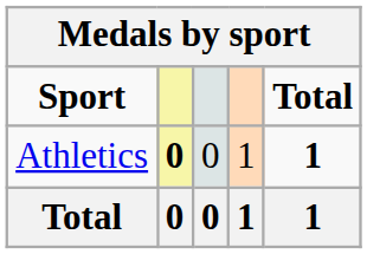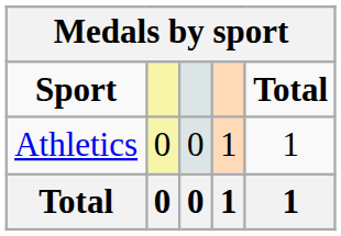 <table class="wikitable" style="font-size:85%; float:right">
 <tr bgcolor=#efefef>
 <th colspan=7><strong>Medals by sport</strong></th>
 </tr>
 <tr align=center>
 <td><strong>Sport</strong></td>
 <td bgcolor=#f7f6a8></td>
 <td bgcolor=#dce5e5></td>
 <td bgcolor=#ffdab9></td>
 <td><strong>Total</strong></td>
 </tr>
 <tr align=center>
 <td><a href='#'>Athletics</a></td>
-<td bgcolor=#f7f6a8><strong>0</strong></td>
+<td bgcolor=#f7f6a8>0</td>
 <td bgcolor=#dce5e5>0</td>
 <td bgcolor=#ffdab9>1</td>
-<td><strong>1</strong></td>
+<td>1</td>
 </tr>
 <tr align=center>
 <th><strong>Total</strong></th>
 <th bgcolor=gold><strong>0</strong></th>
 <th bgcolor=silver><strong>0</strong></th>
 <th bgcolor=#c96><strong>1</strong></th>
 <th><strong>1</strong></th>
 </tr>
 </table>
